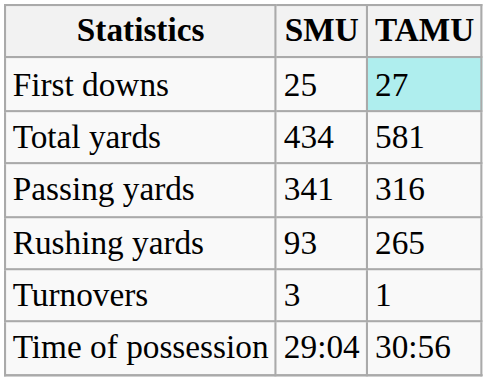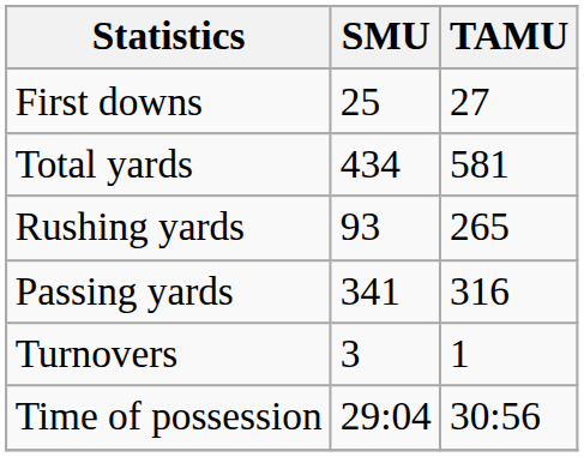 <table class="wikitable">
 <tr>
 <th>Statistics</th>
 <th>SMU</th>
 <th>TAMU</th>
 </tr>
 <tr>
 <td>First downs</td>
 <td>25</td>
-<td style="background: paleturquoise;">27</td>
+<td>27</td>
 </tr>
 <tr>
 <td>Total yards</td>
 <td>434</td>
 <td>581</td>
 </tr>
 <tr>
+<td>Rushing yards</td>
+<td>93</td>
+<td>265</td>
+</tr>
+<tr>
 <td>Passing yards</td>
 <td>341</td>
 <td>316</td>
-</tr>
-<tr>
-<td>Rushing yards</td>
-<td>93</td>
-<td>265</td>
 </tr>
 <tr>
 <td>Turnovers</td>
 <td>3</td>
 <td>1</td>
 </tr>
 <tr>
 <td>Time of possession</td>
 <td>29:04</td>
 <td>30:56</td>
 </tr>
 <tr>
 </tr>
 </table>
